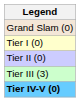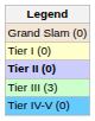 <table class="wikitable sortable mw-collapsible mw-collapsed">
 <tr>
 <th>Legend</th>
 </tr>
 <tr bgcolor="#f3e6d7">
 <td>Grand Slam (0)</td>
 </tr>
 <tr bgcolor="#ffffcc">
 <td>Tier I (0)</td>
 </tr>
 <tr bgcolor="#ccccff">
-<td>Tier II (0)</td>
+<td><strong>Tier II (0)</strong></td>
 </tr>
 <tr bgcolor="#CCFFCC">
 <td>Tier III (3)</td>
 </tr>
 <tr bgcolor="#66CCFF">
-<td><strong>Tier IV-V (0)</strong></td>
+<td>Tier IV-V (0)</td>
 </tr>
 </table>
